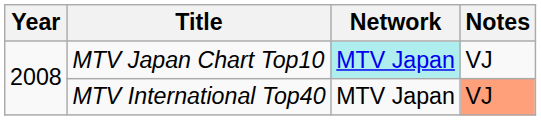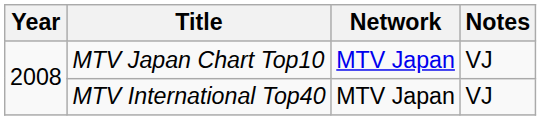 <table class="wikitable">
 <tr>
 <th>Year</th>
 <th>Title</th>
 <th>Network</th>
 <th>Notes</th>
 </tr>
 <tr>
 <td rowspan="2">2008</td>
 <td><em>MTV Japan Chart Top10</em></td>
-<td style="background: paleturquoise;"><a href='#'>MTV Japan</a></td>
+<td><a href='#'>MTV Japan</a></td>
 <td>VJ</td>
 </tr>
 <tr>
 <td><em>MTV International Top40</em></td>
 <td>MTV Japan</td>
-<td style="background: lightsalmon;">VJ</td>
+<td>VJ</td>
 </tr>
 </table>
